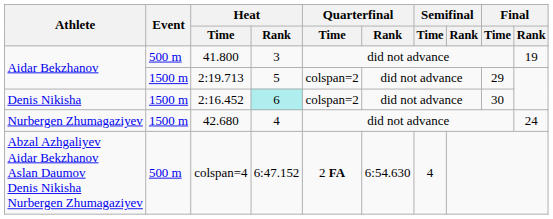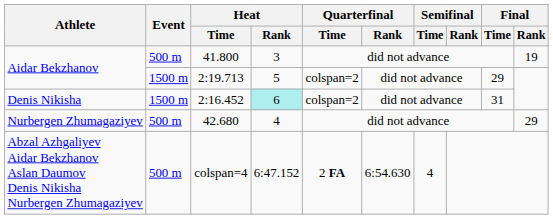 <table class="wikitable" style="font-size:90%">
 <tr>
 <th rowspan=2>Athlete</th>
 <th rowspan=2>Event</th>
 <th colspan=2>Heat</th>
 <th colspan=2>Quarterfinal</th>
 <th colspan=2>Semifinal</th>
 <th colspan=2>Final</th>
 </tr>
 <tr style="font-size:95%">
 <th>Time</th>
 <th>Rank</th>
 <th>Time</th>
 <th>Rank</th>
 <th>Time</th>
 <th>Rank</th>
 <th>Time</th>
 <th>Rank</th>
 </tr>
 <tr align=center>
 <td align=left rowspan=2><a href='#'>Aidar Bekzhanov</a></td>
 <td align=left><a href='#'>500 m</a></td>
 <td>41.800</td>
 <td>3</td>
 <td colspan=5>did not advance</td>
 <td>19</td>
 </tr>
 <tr align=center>
 <td align=left><a href='#'>1500 m</a></td>
 <td>2:19.713</td>
 <td>5</td>
 <td>colspan=2 </td>
 <td colspan=3>did not advance</td>
 <td>29</td>
 </tr>
 <tr align=center>
 <td align=left><a href='#'>Denis Nikisha</a></td>
 <td align=left><a href='#'>1500 m</a></td>
 <td>2:16.452</td>
 <td style="background: paleturquoise;">6</td>
 <td>colspan=2 </td>
 <td colspan=3>did not advance</td>
-<td>30</td>
+<td>31</td>
 </tr>
 <tr align=center>
 <td align=left><a href='#'>Nurbergen Zhumagaziyev</a></td>
-<td align=left><a href='#'>1500 m</a></td>
+<td align=left><a href='#'>500 m</a></td>
 <td>42.680</td>
 <td>4</td>
 <td colspan=5>did not advance</td>
-<td>24</td>
+<td>29</td>
 </tr>
 <tr align=center>
 <td align=left><a href='#'>Abzal Azhgaliyev</a><br><a href='#'>Aidar Bekzhanov</a><br><a href='#'>Aslan Daumov</a><br><a href='#'>Denis Nikisha</a><br><a href='#'>Nurbergen Zhumagaziyev</a></td>
 <td align=left><a href='#'>500 m</a></td>
 <td>colspan=4 </td>
 <td>6:47.152</td>
 <td>2 <strong>FA</strong></td>
 <td>6:54.630</td>
 <td>4</td>
 </tr>
 </table>
